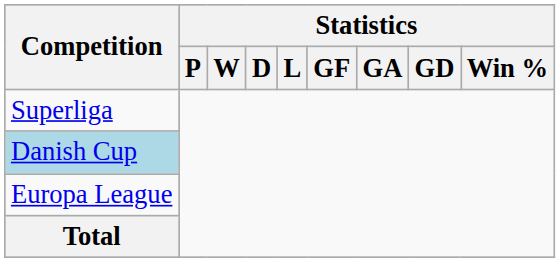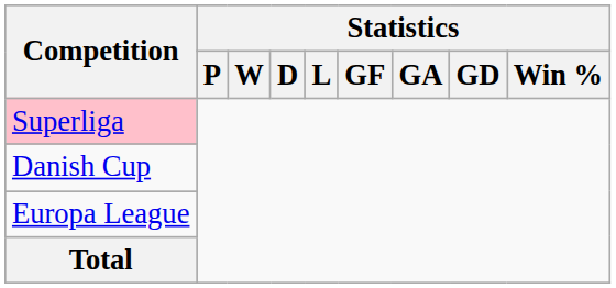 <table class="wikitable" style="text-align: center">
 <tr>
 <th rowspan="2">Competition</th>
 <th colspan="9">Statistics</th>
 </tr>
 <tr>
 <th>P</th>
 <th>W</th>
 <th>D</th>
 <th>L</th>
 <th>GF</th>
 <th>GA</th>
 <th>GD</th>
 <th>Win %</th>
 </tr>
 <tr>
-<td style="text-align: left"><a href='#'>Superliga</a><br></td>
+<td style="background: pink; text-align: left"><a href='#'>Superliga</a><br></td>
 </tr>
 <tr>
-<td style="background: lightblue; text-align: left"><a href='#'>Danish Cup</a><br></td>
+<td style="text-align: left"><a href='#'>Danish Cup</a><br></td>
 </tr>
 <tr>
 <td style="text-align: left"><a href='#'>Europa League</a><br></td>
 </tr>
 <tr>
 <th>Total<br></th>
 </tr>
 </table>
